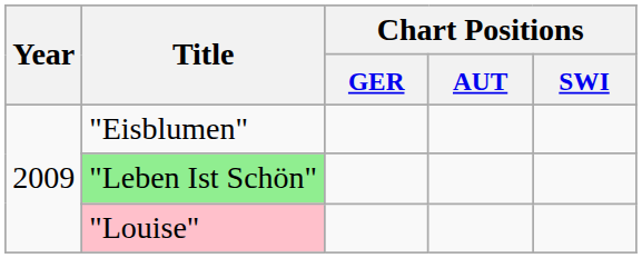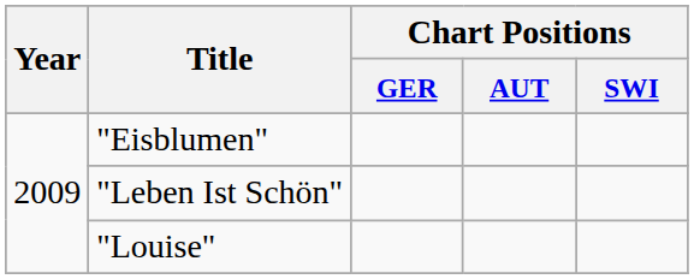 <table class="wikitable">
 <tr>
 <th rowspan="2">Year</th>
 <th rowspan="2">Title</th>
 <th colspan="3">Chart Positions</th>
 </tr>
 <tr>
 <th width="46"><small><a href='#'>GER</a></small><br></th>
 <th width="46"><small><a href='#'>AUT</a></small><br></th>
 <th width="46"><small><a href='#'>SWI</a></small><br></th>
 </tr>
 <tr>
 <td rowspan="3">2009</td>
 <td>"Eisblumen"</td>
 <td></td>
 <td></td>
 <td></td>
 </tr>
 <tr>
-<td style="background: lightgreen;">"Leben Ist Schön"</td>
+<td>"Leben Ist Schön"</td>
 <td></td>
 <td></td>
 <td></td>
 </tr>
 <tr>
-<td style="background: pink;">"Louise"</td>
+<td>"Louise"</td>
 <td></td>
 <td></td>
 <td></td>
 </tr>
 </table>
